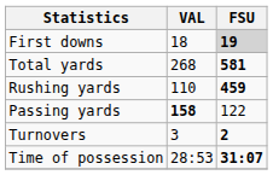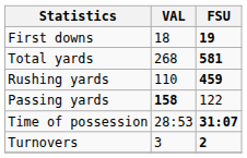 <table class="wikitable" style="float: left;">
 <tr>
 <th>Statistics</th>
 <th>VAL</th>
 <th>FSU</th>
 </tr>
 <tr>
 <td>First downs</td>
 <td>18</td>
-<td style="background: lightgrey;"><strong>19</strong></td>
+<td><strong>19</strong></td>
 </tr>
 <tr>
 <td>Total yards</td>
 <td>268</td>
 <td><strong>581</strong></td>
 </tr>
 <tr>
 <td>Rushing yards</td>
 <td>110</td>
 <td><strong>459</strong></td>
 </tr>
 <tr>
 <td>Passing yards</td>
 <td><strong>158</strong></td>
 <td>122</td>
 </tr>
 <tr>
+<td>Time of possession</td>
+<td>28:53</td>
+<td><strong>31:07</strong></td>
+</tr>
+<tr>
 <td>Turnovers</td>
 <td>3</td>
 <td><strong>2</strong></td>
 </tr>
 <tr>
-<td>Time of possession</td>
-<td>28:53</td>
-<td><strong>31:07</strong></td>
-</tr>
-<tr>
 </tr>
 </table>
